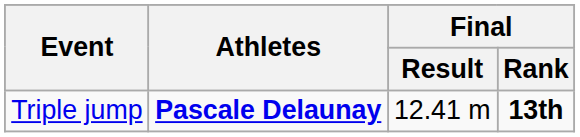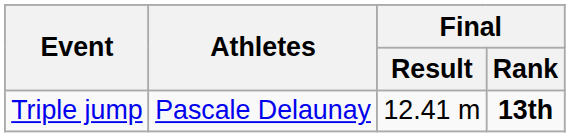 <table class="wikitable" border="1" style="font-size:90%">
 <tr>
 <th rowspan=2>Event</th>
 <th rowspan=2>Athletes</th>
 <th colspan=2>Final</th>
 </tr>
 <tr>
 <th>Result</th>
 <th>Rank</th>
 </tr>
 <tr>
 <td><a href='#'>Triple jump</a></td>
-<td><strong><a href='#'>Pascale Delaunay</a></strong></td>
+<td><a href='#'>Pascale Delaunay</a></td>
 <td align=center>12.41 m</td>
 <td align=center><strong>13th</strong></td>
 </tr>
 </table>
